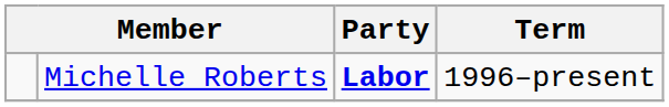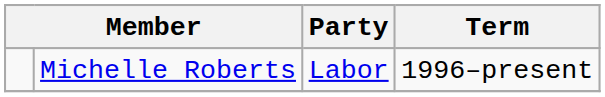 <table class="wikitable">
 <tr>
 <th colspan="2">Member</th>
 <th>Party</th>
 <th>Term</th>
 </tr>
 <tr>
 <td> </td>
 <td><a href='#'>Michelle Roberts</a></td>
-<td><strong><a href='#'>Labor</a></strong></td>
+<td><a href='#'>Labor</a></td>
 <td>1996–present</td>
 </tr>
 <tr>
 </tr>
 </table>
